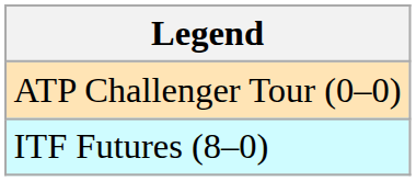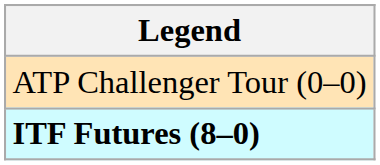 <table class=wikitable>
 <tr>
 <th>Legend</th>
 </tr>
 <tr bgcolor=moccasin>
 <td>ATP Challenger Tour (0–0)</td>
 </tr>
 <tr bgcolor=CFFCFF>
-<td>ITF Futures (8–0)</td>
+<td><strong>ITF Futures (8–0)</strong></td>
 </tr>
 </table>
